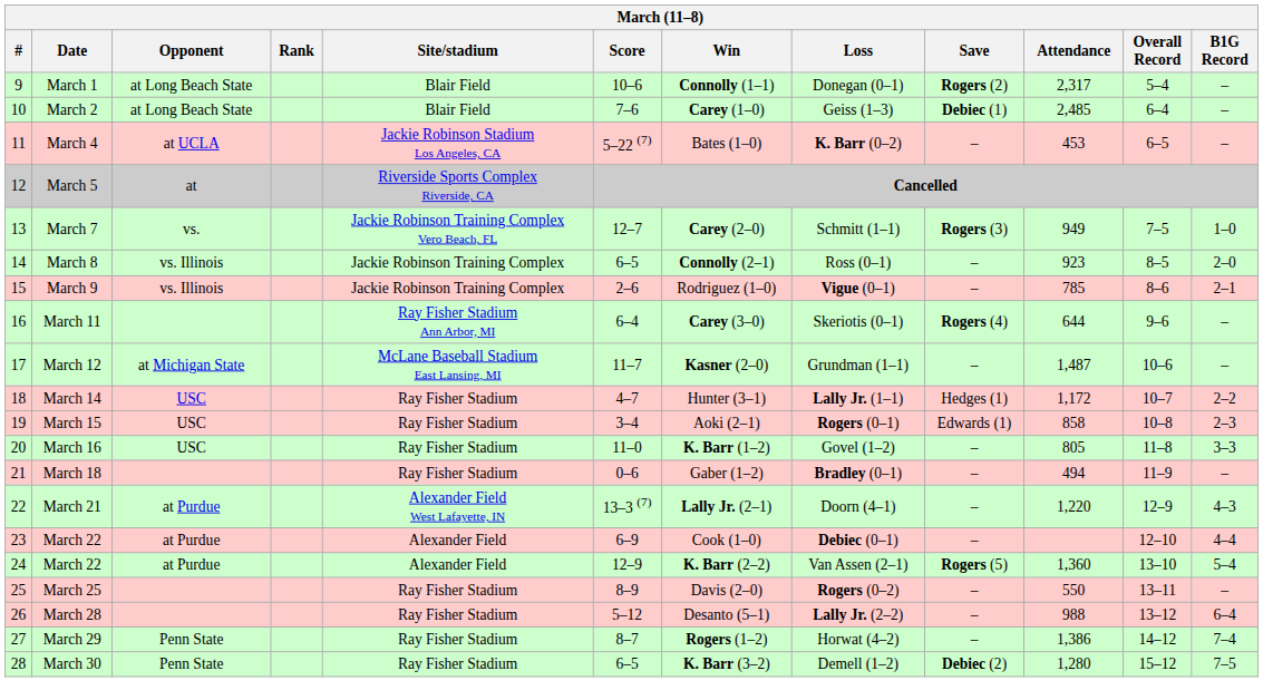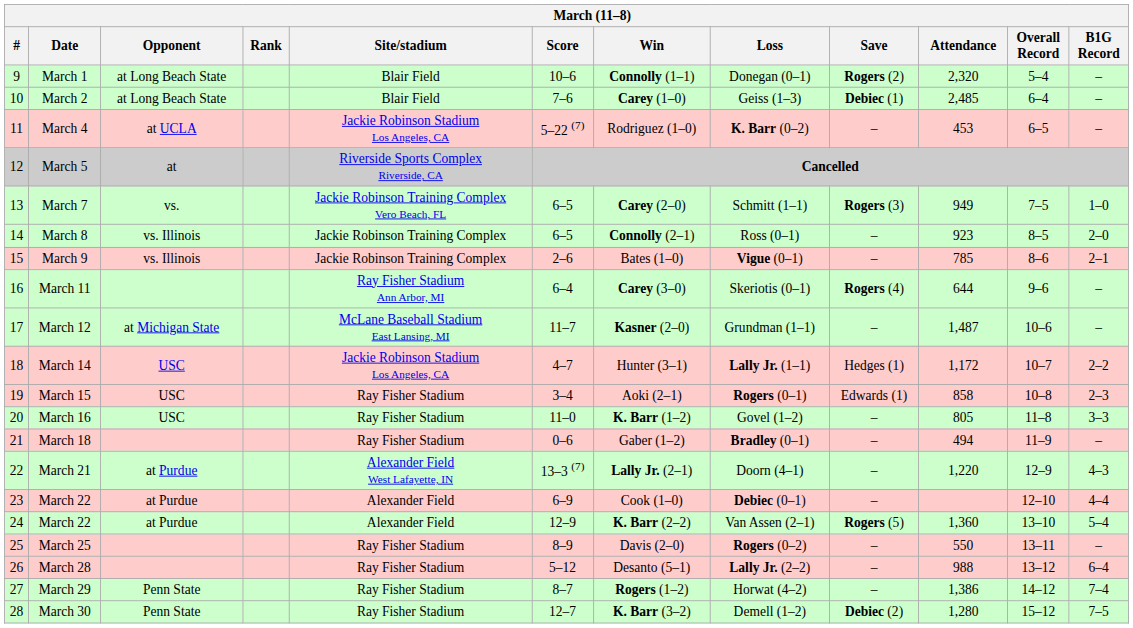 <table class="wikitable collapsible collapsed" style="margin:auto; width:100%; text-align:center; font-size:95%">
 <tr>
 <th colspan=12 style="padding-left:4em;">March (11–8)</th>
 </tr>
 <tr>
 <th>#</th>
 <th>Date</th>
 <th>Opponent</th>
 <th>Rank</th>
 <th>Site/stadium</th>
 <th>Score</th>
 <th>Win</th>
 <th>Loss</th>
 <th>Save</th>
 <th>Attendance</th>
 <th>Overall<br>Record</th>
 <th>B1G<br>Record</th>
 </tr>
 <tr align="center" bgcolor="ccffcc">
 <td>9</td>
 <td>March 1</td>
 <td>at Long Beach State</td>
 <td></td>
 <td>Blair Field</td>
 <td>10–6</td>
 <td><strong>Connolly</strong> (1–1)</td>
 <td>Donegan (0–1)</td>
 <td><strong>Rogers</strong> (2)</td>
-<td>2,317</td>
+<td>2,320</td>
 <td>5–4</td>
 <td>–</td>
 </tr>
 <tr align="center" bgcolor="ccffcc">
 <td>10</td>
 <td>March 2</td>
 <td>at Long Beach State</td>
 <td></td>
 <td>Blair Field</td>
 <td>7–6</td>
 <td><strong>Carey</strong> (1–0)</td>
 <td>Geiss (1–3)</td>
 <td><strong>Debiec</strong> (1)</td>
 <td>2,485</td>
 <td>6–4</td>
 <td>–</td>
 </tr>
 <tr align="center" bgcolor="ffcccc">
 <td>11</td>
 <td>March 4</td>
 <td>at <a href='#'>UCLA</a></td>
 <td></td>
 <td><a href='#'>Jackie Robinson Stadium</a><br><small><a href='#'>Los Angeles, CA</a></small></td>
 <td>5–22 <sup>(7)</sup></td>
-<td>Bates (1–0)</td>
+<td>Rodriguez (1–0)</td>
 <td><strong>K. Barr</strong> (0–2)</td>
 <td>–</td>
 <td>453</td>
 <td>6–5</td>
 <td>–</td>
 </tr>
 <tr align="center" bgcolor="cccccc">
 <td>12</td>
 <td>March 5</td>
 <td>at </td>
 <td></td>
 <td><a href='#'>Riverside Sports Complex</a><br><small><a href='#'>Riverside, CA</a></small></td>
 <td colspan="7"><strong>Cancelled</strong></td>
 </tr>
 <tr align="center" bgcolor="ccffcc">
 <td>13</td>
 <td>March 7</td>
 <td>vs. </td>
 <td></td>
 <td><a href='#'>Jackie Robinson Training Complex</a><br><small><a href='#'>Vero Beach, FL</a></small></td>
-<td>12–7</td>
+<td>6–5</td>
 <td><strong>Carey</strong> (2–0)</td>
 <td>Schmitt (1–1)</td>
 <td><strong>Rogers</strong> (3)</td>
 <td>949</td>
 <td>7–5</td>
 <td>1–0</td>
 </tr>
 <tr align="center" bgcolor="ccffcc">
 <td>14</td>
 <td>March 8</td>
 <td>vs. Illinois</td>
 <td></td>
 <td>Jackie Robinson Training Complex</td>
 <td>6–5</td>
 <td><strong>Connolly</strong> (2–1)</td>
 <td>Ross (0–1)</td>
 <td>–</td>
 <td>923</td>
 <td>8–5</td>
 <td>2–0</td>
 </tr>
 <tr align="center" bgcolor="ffcccc">
 <td>15</td>
 <td>March 9</td>
 <td>vs. Illinois</td>
 <td></td>
 <td>Jackie Robinson Training Complex</td>
 <td>2–6</td>
-<td>Rodriguez (1–0)</td>
+<td>Bates (1–0)</td>
 <td><strong>Vigue</strong> (0–1)</td>
 <td>–</td>
 <td>785</td>
 <td>8–6</td>
 <td>2–1</td>
 </tr>
 <tr align="center" bgcolor="ccffcc">
 <td>16</td>
 <td>March 11</td>
 <td></td>
 <td></td>
 <td><a href='#'>Ray Fisher Stadium</a><br><small><a href='#'>Ann Arbor, MI</a></small></td>
 <td>6–4</td>
 <td><strong>Carey</strong> (3–0)</td>
 <td>Skeriotis (0–1)</td>
 <td><strong>Rogers</strong> (4)</td>
 <td>644</td>
 <td>9–6</td>
 <td>–</td>
 </tr>
 <tr align="center" bgcolor="ccffcc">
 <td>17</td>
 <td>March 12</td>
 <td>at <a href='#'>Michigan State</a></td>
 <td></td>
 <td><a href='#'>McLane Baseball Stadium</a><br><small><a href='#'>East Lansing, MI</a></small></td>
 <td>11–7</td>
 <td><strong>Kasner</strong> (2–0)</td>
 <td>Grundman (1–1)</td>
 <td>–</td>
 <td>1,487</td>
 <td>10–6</td>
 <td>–</td>
 </tr>
 <tr align="center" bgcolor="ffcccc">
 <td>18</td>
 <td>March 14</td>
 <td><a href='#'>USC</a></td>
 <td></td>
-<td>Ray Fisher Stadium</td>
+<td><a href='#'>Jackie Robinson Stadium</a><br><small><a href='#'>Los Angeles, CA</a></small></td>
 <td>4–7</td>
 <td>Hunter (3–1)</td>
 <td><strong>Lally Jr.</strong> (1–1)</td>
 <td>Hedges (1)</td>
 <td>1,172</td>
 <td>10–7</td>
 <td>2–2</td>
 </tr>
 <tr align="center" bgcolor="ffcccc">
 <td>19</td>
 <td>March 15</td>
 <td>USC</td>
 <td></td>
 <td>Ray Fisher Stadium</td>
 <td>3–4</td>
 <td>Aoki (2–1)</td>
 <td><strong>Rogers</strong> (0–1)</td>
 <td>Edwards (1)</td>
 <td>858</td>
 <td>10–8</td>
 <td>2–3</td>
 </tr>
 <tr align="center" bgcolor="ccffcc">
 <td>20</td>
 <td>March 16</td>
 <td>USC</td>
 <td></td>
 <td>Ray Fisher Stadium</td>
 <td>11–0</td>
 <td><strong>K. Barr</strong> (1–2)</td>
 <td>Govel (1–2)</td>
 <td>–</td>
 <td>805</td>
 <td>11–8</td>
 <td>3–3</td>
 </tr>
 <tr align="center" bgcolor="ffcccc">
 <td>21</td>
 <td>March 18</td>
 <td></td>
 <td></td>
 <td>Ray Fisher Stadium</td>
 <td>0–6</td>
 <td>Gaber (1–2)</td>
 <td><strong>Bradley</strong> (0–1)</td>
 <td>–</td>
 <td>494</td>
 <td>11–9</td>
 <td>–</td>
 </tr>
 <tr align="center" bgcolor="ccffcc">
 <td>22</td>
 <td>March 21</td>
 <td>at <a href='#'>Purdue</a></td>
 <td></td>
 <td><a href='#'>Alexander Field</a><br><small><a href='#'>West Lafayette, IN</a></small></td>
 <td>13–3 <sup>(7)</sup></td>
 <td><strong>Lally Jr.</strong> (2–1)</td>
 <td>Doorn (4–1)</td>
 <td>–</td>
 <td>1,220</td>
 <td>12–9</td>
 <td>4–3</td>
 </tr>
 <tr align="center" bgcolor="ffcccc">
 <td>23</td>
 <td>March 22</td>
 <td>at Purdue</td>
 <td></td>
 <td>Alexander Field</td>
 <td>6–9</td>
 <td>Cook (1–0)</td>
 <td><strong>Debiec</strong> (0–1)</td>
 <td>–</td>
 <td></td>
 <td>12–10</td>
 <td>4–4</td>
 </tr>
 <tr align="center" bgcolor="ccffcc">
 <td>24</td>
 <td>March 22</td>
 <td>at Purdue</td>
 <td></td>
 <td>Alexander Field</td>
 <td>12–9</td>
 <td><strong>K. Barr</strong> (2–2)</td>
 <td>Van Assen (2–1)</td>
 <td><strong>Rogers</strong> (5)</td>
 <td>1,360</td>
 <td>13–10</td>
 <td>5–4</td>
 </tr>
 <tr align="center" bgcolor="ffcccc">
 <td>25</td>
 <td>March 25</td>
 <td></td>
 <td></td>
 <td>Ray Fisher Stadium</td>
 <td>8–9</td>
 <td>Davis (2–0)</td>
 <td><strong>Rogers</strong> (0–2)</td>
 <td>–</td>
 <td>550</td>
 <td>13–11</td>
 <td>–</td>
 </tr>
 <tr align="center" bgcolor="ffcccc">
 <td>26</td>
 <td>March 28</td>
 <td></td>
 <td></td>
 <td>Ray Fisher Stadium</td>
 <td>5–12</td>
 <td>Desanto (5–1)</td>
 <td><strong>Lally Jr.</strong> (2–2)</td>
 <td>–</td>
 <td>988</td>
 <td>13–12</td>
 <td>6–4</td>
 </tr>
 <tr align="center" bgcolor="ccffcc">
 <td>27</td>
 <td>March 29</td>
 <td>Penn State</td>
 <td></td>
 <td>Ray Fisher Stadium</td>
 <td>8–7</td>
 <td><strong>Rogers</strong> (1–2)</td>
 <td>Horwat (4–2)</td>
 <td>–</td>
 <td>1,386</td>
 <td>14–12</td>
 <td>7–4</td>
 </tr>
 <tr align="center" bgcolor="ccffcc">
 <td>28</td>
 <td>March 30</td>
 <td>Penn State</td>
 <td></td>
 <td>Ray Fisher Stadium</td>
-<td>6–5</td>
+<td>12–7</td>
 <td><strong>K. Barr</strong> (3–2)</td>
 <td>Demell (1–2)</td>
 <td><strong>Debiec</strong> (2)</td>
 <td>1,280</td>
 <td>15–12</td>
 <td>7–5</td>
 </tr>
 </table>
